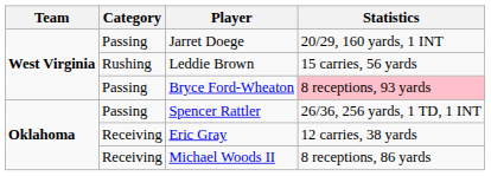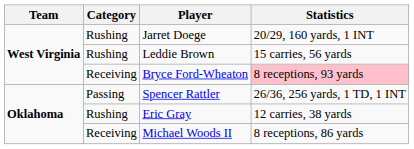 <table class="wikitable" style="float: right;">
 <tr>
 <th>Team</th>
 <th>Category</th>
 <th>Player</th>
 <th>Statistics</th>
 </tr>
 <tr>
 <td rowspan=3><strong>West Virginia</strong></td>
-<td>Passing</td>
+<td>Rushing</td>
 <td>Jarret Doege</td>
 <td>20/29, 160 yards, 1 INT</td>
 </tr>
 <tr>
 <td>Rushing</td>
 <td>Leddie Brown</td>
 <td>15 carries, 56 yards</td>
 </tr>
 <tr>
-<td>Passing</td>
+<td>Receiving</td>
 <td><a href='#'>Bryce Ford-Wheaton</a></td>
 <td style="background: pink;">8 receptions, 93 yards</td>
 </tr>
 <tr>
 <td rowspan=3><strong>Oklahoma</strong></td>
 <td>Passing</td>
 <td><a href='#'>Spencer Rattler</a></td>
 <td>26/36, 256 yards, 1 TD, 1 INT</td>
 </tr>
 <tr>
-<td>Receiving</td>
+<td>Rushing</td>
 <td><a href='#'>Eric Gray</a></td>
 <td>12 carries, 38 yards</td>
 </tr>
 <tr>
 <td>Receiving</td>
 <td><a href='#'>Michael Woods II</a></td>
 <td>8 receptions, 86 yards</td>
 </tr>
 </table>
